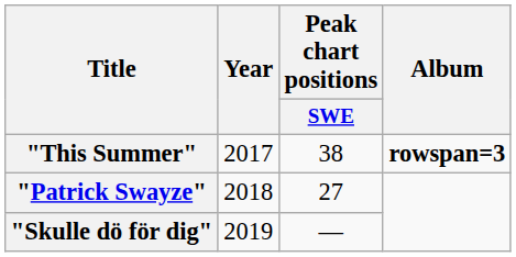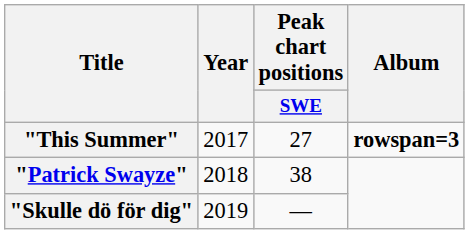 <table class="wikitable plainrowheaders" style="text-align:center;">
 <tr>
 <th scope="col" rowspan="2">Title</th>
 <th scope="col" rowspan="2">Year</th>
 <th scope="col" colspan="1">Peak chart positions</th>
 <th scope="col" rowspan="2">Album</th>
 </tr>
 <tr>
 <th scope="col" style="width:3em;font-size:85%;"><a href='#'>SWE</a><br></th>
 </tr>
 <tr>
 <th scope="row">"This Summer"</th>
 <td>2017</td>
-<td>38</td>
+<td>27</td>
 <td><strong>rowspan=3 </strong></td>
 </tr>
 <tr>
 <th scope="row">"<a href='#'>Patrick Swayze</a>"</th>
 <td>2018</td>
-<td>27</td>
+<td>38</td>
 </tr>
 <tr>
 <th scope="row">"Skulle dö för dig"</th>
 <td>2019</td>
 <td>—</td>
 </tr>
 </table>
